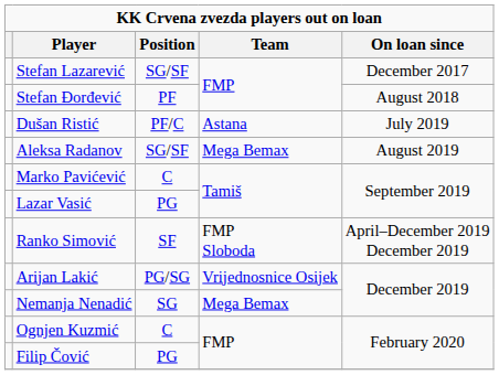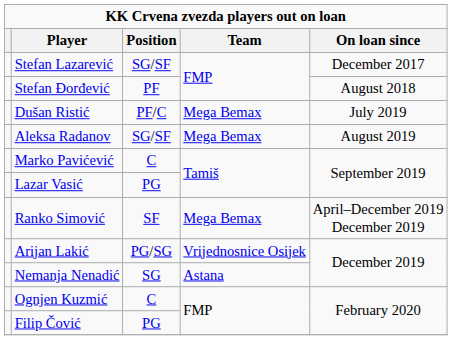 <table class="wikitable sortable" style="font-size: 95%; text-align:center;">
 <tr>
 <td colspan=6><strong>KK Crvena zvezda players out on loan</strong></td>
 </tr>
 <tr>
 <th></th>
 <th>Player</th>
 <th>Position</th>
 <th>Team</th>
 <th>On loan since</th>
 </tr>
 <tr>
 <td></td>
 <td style="text-align:left;"><a href='#'>Stefan Lazarević</a></td>
 <td><a href='#'>SG</a>/<a href='#'>SF</a></td>
 <td style="text-align:left;" rowspan=2> <a href='#'>FMP</a></td>
 <td>December 2017</td>
 </tr>
 <tr>
 <td></td>
 <td style="text-align:left;"><a href='#'>Stefan Đorđević</a></td>
 <td><a href='#'>PF</a></td>
 <td>August 2018</td>
 </tr>
 <tr>
 <td></td>
 <td style="text-align:left;"><a href='#'>Dušan Ristić</a></td>
 <td><a href='#'>PF</a>/<a href='#'>C</a></td>
-<td style="text-align:left;"> <a href='#'>Astana</a></td>
+<td style="text-align:left;"> <a href='#'>Mega Bemax</a></td>
 <td>July 2019</td>
 </tr>
 <tr>
 <td></td>
 <td style="text-align:left;"><a href='#'>Aleksa Radanov</a></td>
 <td><a href='#'>SG</a>/<a href='#'>SF</a></td>
 <td style="text-align:left;"> <a href='#'>Mega Bemax</a></td>
 <td>August 2019</td>
 </tr>
 <tr>
 <td></td>
 <td style="text-align:left;"><a href='#'>Marko Pavićević</a></td>
 <td><a href='#'>C</a></td>
 <td style="text-align:left;" rowspan=2> <a href='#'>Tamiš</a></td>
 <td rowspan=2>September 2019</td>
 </tr>
 <tr>
 <td></td>
 <td style="text-align:left;"><a href='#'>Lazar Vasić</a></td>
 <td><a href='#'>PG</a></td>
 </tr>
 <tr>
 <td></td>
 <td style="text-align:left;"><a href='#'>Ranko Simović</a></td>
 <td><a href='#'>SF</a></td>
-<td style="text-align:left;"> FMP<br> <a href='#'>Sloboda</a></td>
+<td style="text-align:left;"> <a href='#'>Mega Bemax</a></td>
 <td>April–December 2019<br>December 2019</td>
 </tr>
 <tr>
 <td></td>
 <td style="text-align:left;"><a href='#'>Arijan Lakić</a></td>
 <td><a href='#'>PG</a>/<a href='#'>SG</a></td>
 <td style="text-align:left;"> <a href='#'>Vrijednosnice Osijek</a></td>
 <td rowspan=2>December 2019</td>
 </tr>
 <tr>
 <td></td>
 <td style="text-align:left;"><a href='#'>Nemanja Nenadić</a></td>
 <td><a href='#'>SG</a></td>
-<td style="text-align:left;"> <a href='#'>Mega Bemax</a></td>
+<td style="text-align:left;"> <a href='#'>Astana</a></td>
 </tr>
 <tr>
 <td></td>
 <td style="text-align:left;"><a href='#'>Ognjen Kuzmić</a></td>
 <td><a href='#'>C</a></td>
 <td style="text-align:left;" rowspan=2> FMP</td>
 <td rowspan=2>February 2020</td>
 </tr>
 <tr>
 <td></td>
 <td style="text-align:left;"><a href='#'>Filip Čović</a></td>
 <td><a href='#'>PG</a></td>
 </tr>
 <tr>
 </tr>
 </table>
